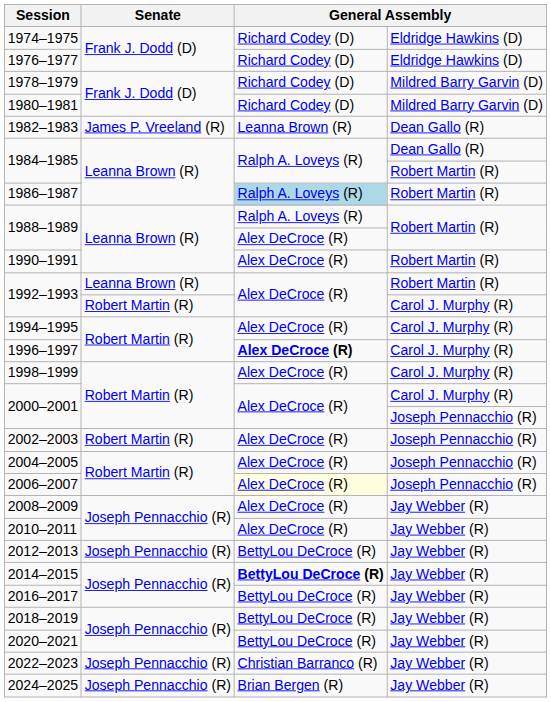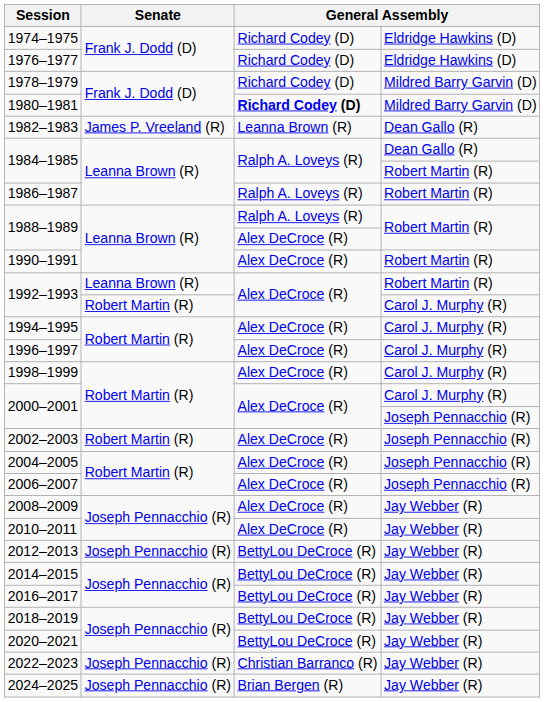 <table class="wikitable">
 <tr>
 <th>Session</th>
 <th>Senate</th>
 <th colspan=2>General Assembly</th>
 </tr>
 <tr>
 <td>1974–1975</td>
 <td rowspan=2 ><a href='#'>Frank J. Dodd</a> (D)</td>
 <td><a href='#'>Richard Codey</a> (D)</td>
 <td><a href='#'>Eldridge Hawkins</a> (D)</td>
 </tr>
 <tr>
 <td>1976–1977</td>
 <td><a href='#'>Richard Codey</a> (D)</td>
 <td><a href='#'>Eldridge Hawkins</a> (D)</td>
 </tr>
 <tr>
 <td>1978–1979</td>
 <td rowspan=2 ><a href='#'>Frank J. Dodd</a> (D)</td>
 <td><a href='#'>Richard Codey</a> (D)</td>
 <td><a href='#'>Mildred Barry Garvin</a> (D)</td>
 </tr>
 <tr>
 <td>1980–1981</td>
-<td><a href='#'>Richard Codey</a> (D)</td>
+<td><strong><a href='#'>Richard Codey</a> (D)</strong></td>
 <td><a href='#'>Mildred Barry Garvin</a> (D)</td>
 </tr>
 <tr>
 <td>1982–1983</td>
 <td><a href='#'>James P. Vreeland</a> (R)</td>
 <td><a href='#'>Leanna Brown</a> (R)</td>
 <td><a href='#'>Dean Gallo</a> (R)</td>
 </tr>
 <tr>
 <td rowspan=2>1984–1985</td>
 <td rowspan=3 ><a href='#'>Leanna Brown</a> (R)</td>
 <td rowspan=2 ><a href='#'>Ralph A. Loveys</a> (R)</td>
 <td><a href='#'>Dean Gallo</a> (R)</td>
 </tr>
 <tr>
 <td><a href='#'>Robert Martin</a> (R)</td>
 </tr>
 <tr>
 <td>1986–1987</td>
-<td style="background: lightblue;"><a href='#'>Ralph A. Loveys</a> (R)</td>
+<td><a href='#'>Ralph A. Loveys</a> (R)</td>
 <td><a href='#'>Robert Martin</a> (R)</td>
 </tr>
 <tr>
 <td rowspan=2>1988–1989</td>
 <td rowspan=3 ><a href='#'>Leanna Brown</a> (R)</td>
 <td><a href='#'>Ralph A. Loveys</a> (R)</td>
 <td rowspan=2 ><a href='#'>Robert Martin</a> (R)</td>
 </tr>
 <tr>
 <td><a href='#'>Alex DeCroce</a> (R)</td>
 </tr>
 <tr>
 <td>1990–1991</td>
 <td><a href='#'>Alex DeCroce</a> (R)</td>
 <td><a href='#'>Robert Martin</a> (R)</td>
 </tr>
 <tr>
 <td rowspan=2>1992–1993</td>
 <td><a href='#'>Leanna Brown</a> (R)</td>
 <td rowspan=2 ><a href='#'>Alex DeCroce</a> (R)</td>
 <td><a href='#'>Robert Martin</a> (R)</td>
 </tr>
 <tr>
 <td><a href='#'>Robert Martin</a> (R)</td>
 <td><a href='#'>Carol J. Murphy</a> (R)</td>
 </tr>
 <tr>
 <td>1994–1995</td>
 <td rowspan=2 ><a href='#'>Robert Martin</a> (R)</td>
 <td><a href='#'>Alex DeCroce</a> (R)</td>
 <td><a href='#'>Carol J. Murphy</a> (R)</td>
 </tr>
 <tr>
 <td>1996–1997</td>
-<td><strong><a href='#'>Alex DeCroce</a> (R)</strong></td>
+<td><a href='#'>Alex DeCroce</a> (R)</td>
 <td><a href='#'>Carol J. Murphy</a> (R)</td>
 </tr>
 <tr>
 <td>1998–1999</td>
 <td rowspan=3 ><a href='#'>Robert Martin</a> (R)</td>
 <td><a href='#'>Alex DeCroce</a> (R)</td>
 <td><a href='#'>Carol J. Murphy</a> (R)</td>
 </tr>
 <tr>
 <td rowspan=2>2000–2001</td>
 <td rowspan=2 ><a href='#'>Alex DeCroce</a> (R)</td>
 <td><a href='#'>Carol J. Murphy</a> (R)</td>
 </tr>
 <tr>
 <td><a href='#'>Joseph Pennacchio</a> (R)</td>
 </tr>
 <tr>
 <td>2002–2003</td>
 <td><a href='#'>Robert Martin</a> (R)</td>
 <td><a href='#'>Alex DeCroce</a> (R)</td>
 <td><a href='#'>Joseph Pennacchio</a> (R)</td>
 </tr>
 <tr>
 <td>2004–2005</td>
 <td rowspan=2 ><a href='#'>Robert Martin</a> (R)</td>
 <td><a href='#'>Alex DeCroce</a> (R)</td>
 <td><a href='#'>Joseph Pennacchio</a> (R)</td>
 </tr>
 <tr>
 <td>2006–2007</td>
-<td style="background: lightyellow;"><a href='#'>Alex DeCroce</a> (R)</td>
+<td><a href='#'>Alex DeCroce</a> (R)</td>
 <td><a href='#'>Joseph Pennacchio</a> (R)</td>
 </tr>
 <tr>
 <td>2008–2009</td>
 <td rowspan=2 ><a href='#'>Joseph Pennacchio</a> (R)</td>
 <td><a href='#'>Alex DeCroce</a> (R)</td>
 <td><a href='#'>Jay Webber</a> (R)</td>
 </tr>
 <tr>
 <td>2010–2011</td>
 <td><a href='#'>Alex DeCroce</a> (R)</td>
 <td><a href='#'>Jay Webber</a> (R)</td>
 </tr>
 <tr>
 <td>2012–2013</td>
 <td><a href='#'>Joseph Pennacchio</a> (R)</td>
 <td><a href='#'>BettyLou DeCroce</a> (R)</td>
 <td><a href='#'>Jay Webber</a> (R)</td>
 </tr>
 <tr>
 <td>2014–2015</td>
 <td rowspan=2 ><a href='#'>Joseph Pennacchio</a> (R)</td>
-<td><strong><a href='#'>BettyLou DeCroce</a> (R)</strong></td>
+<td><a href='#'>BettyLou DeCroce</a> (R)</td>
 <td><a href='#'>Jay Webber</a> (R)</td>
 </tr>
 <tr>
 <td>2016–2017</td>
 <td><a href='#'>BettyLou DeCroce</a> (R)</td>
 <td><a href='#'>Jay Webber</a> (R)</td>
 </tr>
 <tr>
 <td>2018–2019</td>
 <td rowspan=2 ><a href='#'>Joseph Pennacchio</a> (R)</td>
 <td><a href='#'>BettyLou DeCroce</a> (R)</td>
 <td><a href='#'>Jay Webber</a> (R)</td>
 </tr>
 <tr>
 <td>2020–2021</td>
 <td><a href='#'>BettyLou DeCroce</a> (R)</td>
 <td><a href='#'>Jay Webber</a> (R)</td>
 </tr>
 <tr>
 <td>2022–2023</td>
 <td><a href='#'>Joseph Pennacchio</a> (R)</td>
 <td><a href='#'>Christian Barranco</a> (R)</td>
 <td><a href='#'>Jay Webber</a> (R)</td>
 </tr>
 <tr>
 <td>2024–2025</td>
 <td><a href='#'>Joseph Pennacchio</a> (R)</td>
 <td><a href='#'>Brian Bergen</a> (R)</td>
 <td><a href='#'>Jay Webber</a> (R)</td>
 </tr>
 </table>
